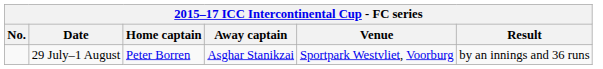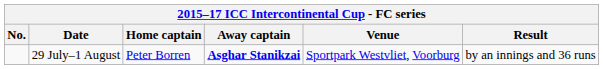 <table class="wikitable">
 <tr>
 <th colspan="6"><a href='#'>2015–17 ICC Intercontinental Cup</a> - FC series</th>
 </tr>
 <tr>
 <th>No.</th>
 <th>Date</th>
 <th>Home captain</th>
 <th>Away captain</th>
 <th>Venue</th>
 <th>Result</th>
 </tr>
 <tr>
 <td></td>
 <td>29 July–1 August</td>
 <td><a href='#'>Peter Borren</a></td>
-<td><a href='#'>Asghar Stanikzai</a></td>
+<td><strong><a href='#'>Asghar Stanikzai</a></strong></td>
 <td><a href='#'>Sportpark Westvliet</a>, <a href='#'>Voorburg</a></td>
 <td> by an innings and 36 runs</td>
 </tr>
 </table>
